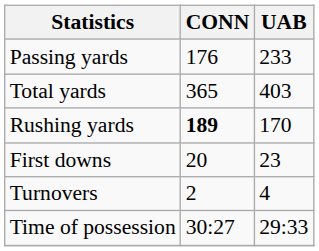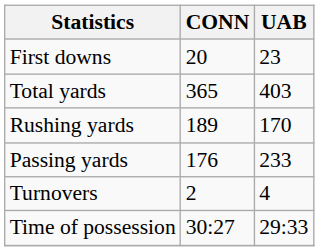 <table class="wikitable" style="float: left;">
 <tr>
 <th>Statistics</th>
 <th>CONN</th>
 <th>UAB</th>
 </tr>
 <tr>
-<td>Passing yards</td>
-<td>176</td>
-<td>233</td>
+<td>First downs</td>
+<td>20</td>
+<td>23</td>
 </tr>
 <tr>
 <td>Total yards</td>
 <td>365</td>
 <td>403</td>
 </tr>
 <tr>
 <td>Rushing yards</td>
-<td><strong>189</strong></td>
+<td>189</td>
 <td>170</td>
 </tr>
 <tr>
-<td>First downs</td>
-<td>20</td>
-<td>23</td>
+<td>Passing yards</td>
+<td>176</td>
+<td>233</td>
 </tr>
 <tr>
 <td>Turnovers</td>
 <td>2</td>
 <td>4</td>
 </tr>
 <tr>
 <td>Time of possession</td>
 <td>30:27</td>
 <td>29:33</td>
 </tr>
 <tr>
 </tr>
 </table>
